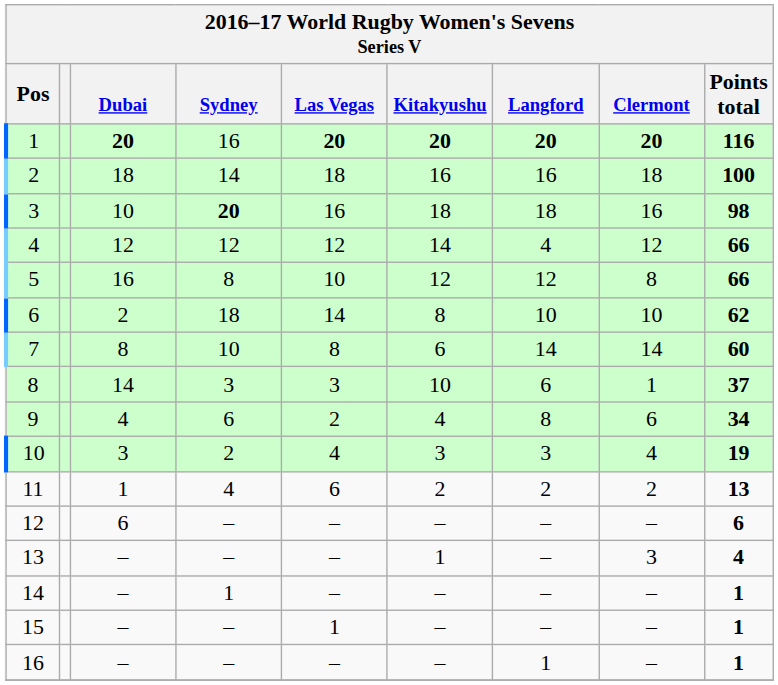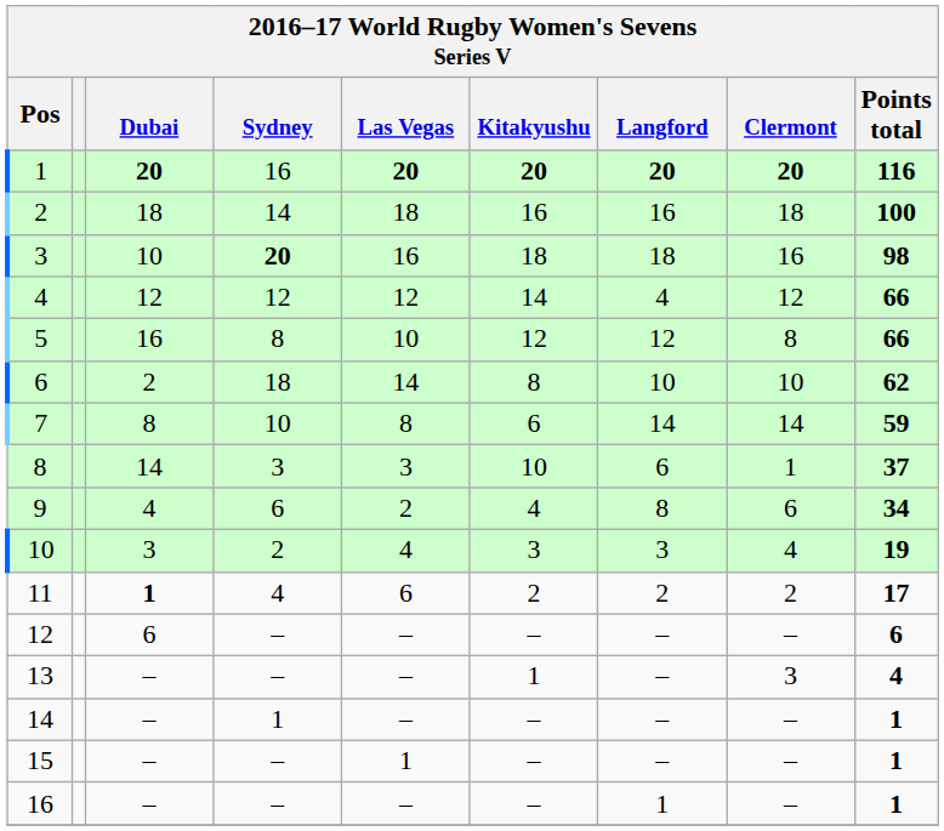 <table class="wikitable" style="text-align:center">
 <tr bgcolor="#efefef">
 <th colspan=13 style="border-right:0px;";>2016–17 World Rugby Women's Sevens<br><small>Series V</small></th>
 </tr>
 <tr bgcolor="#efefef">
 <th style="width:2em;">Pos</th>
 <th></th>
 <th style="width:5.2em; font-size:85%;"><br><a href='#'>Dubai</a></th>
 <th style="width:5.2em; font-size:85%;"><br><a href='#'>Sydney</a></th>
 <th style="width:5.2em; font-size:85%;"><br><a href='#'>Las Vegas</a></th>
 <th style="width:5.2em; font-size:85%;"><br><a href='#'>Kitakyushu</a></th>
 <th style="width:5.2em; font-size:85%;"><br><a href='#'>Langford</a></th>
 <th style="width:5.2em; font-size:85%;"><br><a href='#'>Clermont</a></th>
 <th>Points<br>total</th>
 </tr>
 <tr bgcolor=ccffcc style="border-left:3px solid #06F;">
 <td>1</td>
 <td align=left></td>
 <td><strong>20</strong></td>
 <td>16</td>
 <td><strong>20</strong></td>
 <td><strong>20</strong></td>
 <td><strong>20</strong></td>
 <td><strong>20</strong></td>
 <td><strong>116</strong></td>
 </tr>
 <tr bgcolor=ccffcc style="border-left:3px solid #7CF">
 <td>2</td>
 <td align=left></td>
 <td>18</td>
 <td>14</td>
 <td>18</td>
 <td>16</td>
 <td>16</td>
 <td>18</td>
 <td><strong>100</strong></td>
 </tr>
 <tr bgcolor=ccffcc style="border-left:3px solid #06F;">
 <td>3</td>
 <td align=left></td>
 <td>10</td>
 <td><strong>20</strong></td>
 <td>16</td>
 <td>18</td>
 <td>18</td>
 <td>16</td>
 <td><strong>98</strong></td>
 </tr>
 <tr bgcolor=ccffcc style="border-left:3px solid #7CF">
 <td>4</td>
 <td align=left></td>
 <td>12</td>
 <td>12</td>
 <td>12</td>
 <td>14</td>
 <td>4</td>
 <td>12</td>
 <td><strong>66</strong></td>
 </tr>
 <tr bgcolor=ccffcc style="border-left:3px solid #7CF">
 <td>5</td>
 <td align=left></td>
 <td>16</td>
 <td>8</td>
 <td>10</td>
 <td>12</td>
 <td>12</td>
 <td>8</td>
 <td><strong>66</strong></td>
 </tr>
 <tr bgcolor=ccffcc style="border-left:3px solid #06F;">
 <td>6</td>
 <td align=left></td>
 <td>2</td>
 <td>18</td>
 <td>14</td>
 <td>8</td>
 <td>10</td>
 <td>10</td>
 <td><strong>62</strong></td>
 </tr>
 <tr bgcolor=ccffcc style="border-left:3px solid #7CF">
 <td>7</td>
 <td align=left></td>
 <td>8</td>
 <td>10</td>
 <td>8</td>
 <td>6</td>
 <td>14</td>
 <td>14</td>
-<td><strong>60</strong></td>
+<td><strong>59</strong></td>
 </tr>
 <tr bgcolor=ccffcc>
 <td>8</td>
 <td align=left></td>
 <td>14</td>
 <td>3</td>
 <td>3</td>
 <td>10</td>
 <td>6</td>
 <td>1</td>
 <td><strong>37</strong></td>
 </tr>
 <tr bgcolor=ccffcc>
 <td>9</td>
 <td align=left></td>
 <td>4</td>
 <td>6</td>
 <td>2</td>
 <td>4</td>
 <td>8</td>
 <td>6</td>
 <td><strong>34</strong></td>
 </tr>
 <tr bgcolor=ccffcc style="border-left:3px solid #06F;">
 <td>10</td>
 <td align=left></td>
 <td>3</td>
 <td>2</td>
 <td>4</td>
 <td>3</td>
 <td>3</td>
 <td>4</td>
 <td><strong>19</strong></td>
 </tr>
 <tr>
 <td>11</td>
 <td align=left></td>
-<td>1</td>
+<td><strong>1</strong></td>
 <td>4</td>
 <td>6</td>
 <td>2</td>
 <td>2</td>
 <td>2</td>
-<td><strong>13</strong></td>
+<td><strong>17</strong></td>
 </tr>
 <tr>
 <td>12</td>
 <td align=left></td>
 <td>6</td>
 <td>–</td>
 <td>–</td>
 <td>–</td>
 <td>–</td>
 <td>–</td>
 <td><strong>6</strong></td>
 </tr>
 <tr>
 <td>13</td>
 <td align=left></td>
 <td>–</td>
 <td>–</td>
 <td>–</td>
 <td>1</td>
 <td>–</td>
 <td>3</td>
 <td><strong>4</strong></td>
 </tr>
 <tr>
 <td>14</td>
 <td align=left></td>
 <td>–</td>
 <td>1</td>
 <td>–</td>
 <td>–</td>
 <td>–</td>
 <td>–</td>
 <td><strong>1</strong></td>
 </tr>
 <tr>
 <td>15</td>
 <td align=left></td>
 <td>–</td>
 <td>–</td>
 <td>1</td>
 <td>–</td>
 <td>–</td>
 <td>–</td>
 <td><strong>1</strong></td>
 </tr>
 <tr>
 <td>16</td>
 <td align=left></td>
 <td>–</td>
 <td>–</td>
 <td>–</td>
 <td>–</td>
 <td>1</td>
 <td>–</td>
 <td><strong>1</strong></td>
 </tr>
 <tr>
 </tr>
 </table>
